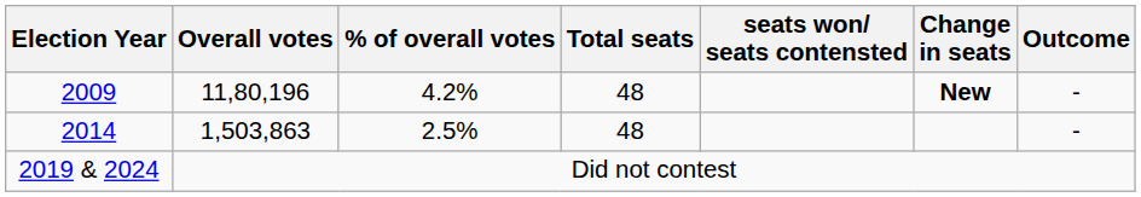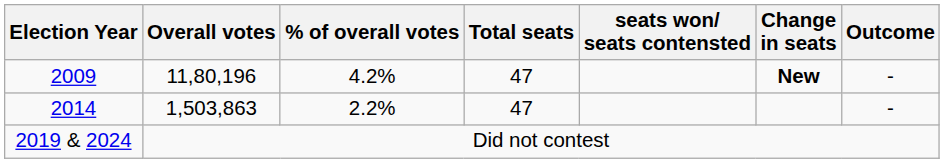 <table class="wikitable sortable" style="text-align:center;">
 <tr>
 <th Style="background-color:">Election Year</th>
 <th Style="background-color:">Overall votes</th>
 <th Style="background-color:">% of overall votes</th>
 <th Style="background-color:">Total seats</th>
 <th Style="background-color:">seats won/<br>seats contensted</th>
 <th Style="background-color:">Change<br>in seats</th>
 <th Style="background-color:">Outcome</th>
 </tr>
 <tr>
 <td><a href='#'>2009</a></td>
 <td>11,80,196</td>
 <td>4.2%</td>
-<td>48</td>
+<td>47</td>
 <td></td>
 <td><strong>New</strong></td>
 <td>-</td>
 </tr>
 <tr>
 <td><a href='#'>2014</a></td>
 <td>1,503,863</td>
-<td>2.5%</td>
-<td>48</td>
+<td>2.2%</td>
+<td>47</td>
 <td></td>
 <td></td>
 <td>-</td>
 </tr>
 <tr>
 <td><a href='#'>2019</a> & <a href='#'>2024</a></td>
 <td colspan=6>Did not contest</td>
 </tr>
 </table>
